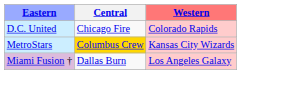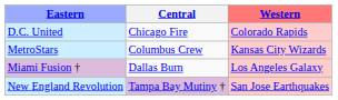 <table class="wikitable">
 <tr>
 <th style="background-color: #9AF;"><a href='#'>Eastern</a></th>
 <th><a href='#'>Central</a></th>
 <th style="background-color: #F77;"><a href='#'>Western</a></th>
 </tr>
 <tr>
 <td style="background-color: #CEF;"><a href='#'>D.C. United</a></td>
 <td><a href='#'>Chicago Fire</a></td>
 <td style="background-color: #FCC;"><a href='#'>Colorado Rapids</a></td>
 </tr>
 <tr>
 <td style="background-color: #CEF;"><a href='#'>MetroStars</a></td>
-<td style="background: gold;"><a href='#'>Columbus Crew</a></td>
+<td><a href='#'>Columbus Crew</a></td>
 <td style="background-color: #FCC;"><a href='#'>Kansas City Wizards</a></td>
 </tr>
 <tr>
 <td style="background-color: #DBD;"><a href='#'>Miami Fusion</a> †</td>
 <td><a href='#'>Dallas Burn</a></td>
 <td style="background-color: #FCC;"><a href='#'>Los Angeles Galaxy</a></td>
 </tr>
+<tr>
+<td style="background-color: #CEF;"><a href='#'>New England Revolution</a></td>
+<td style="background-color: #DBD;"><a href='#'>Tampa Bay Mutiny</a> †</td>
+<td style="background-color: #FCC;"><a href='#'>San Jose Earthquakes</a></td>
+</tr>
 </table>
